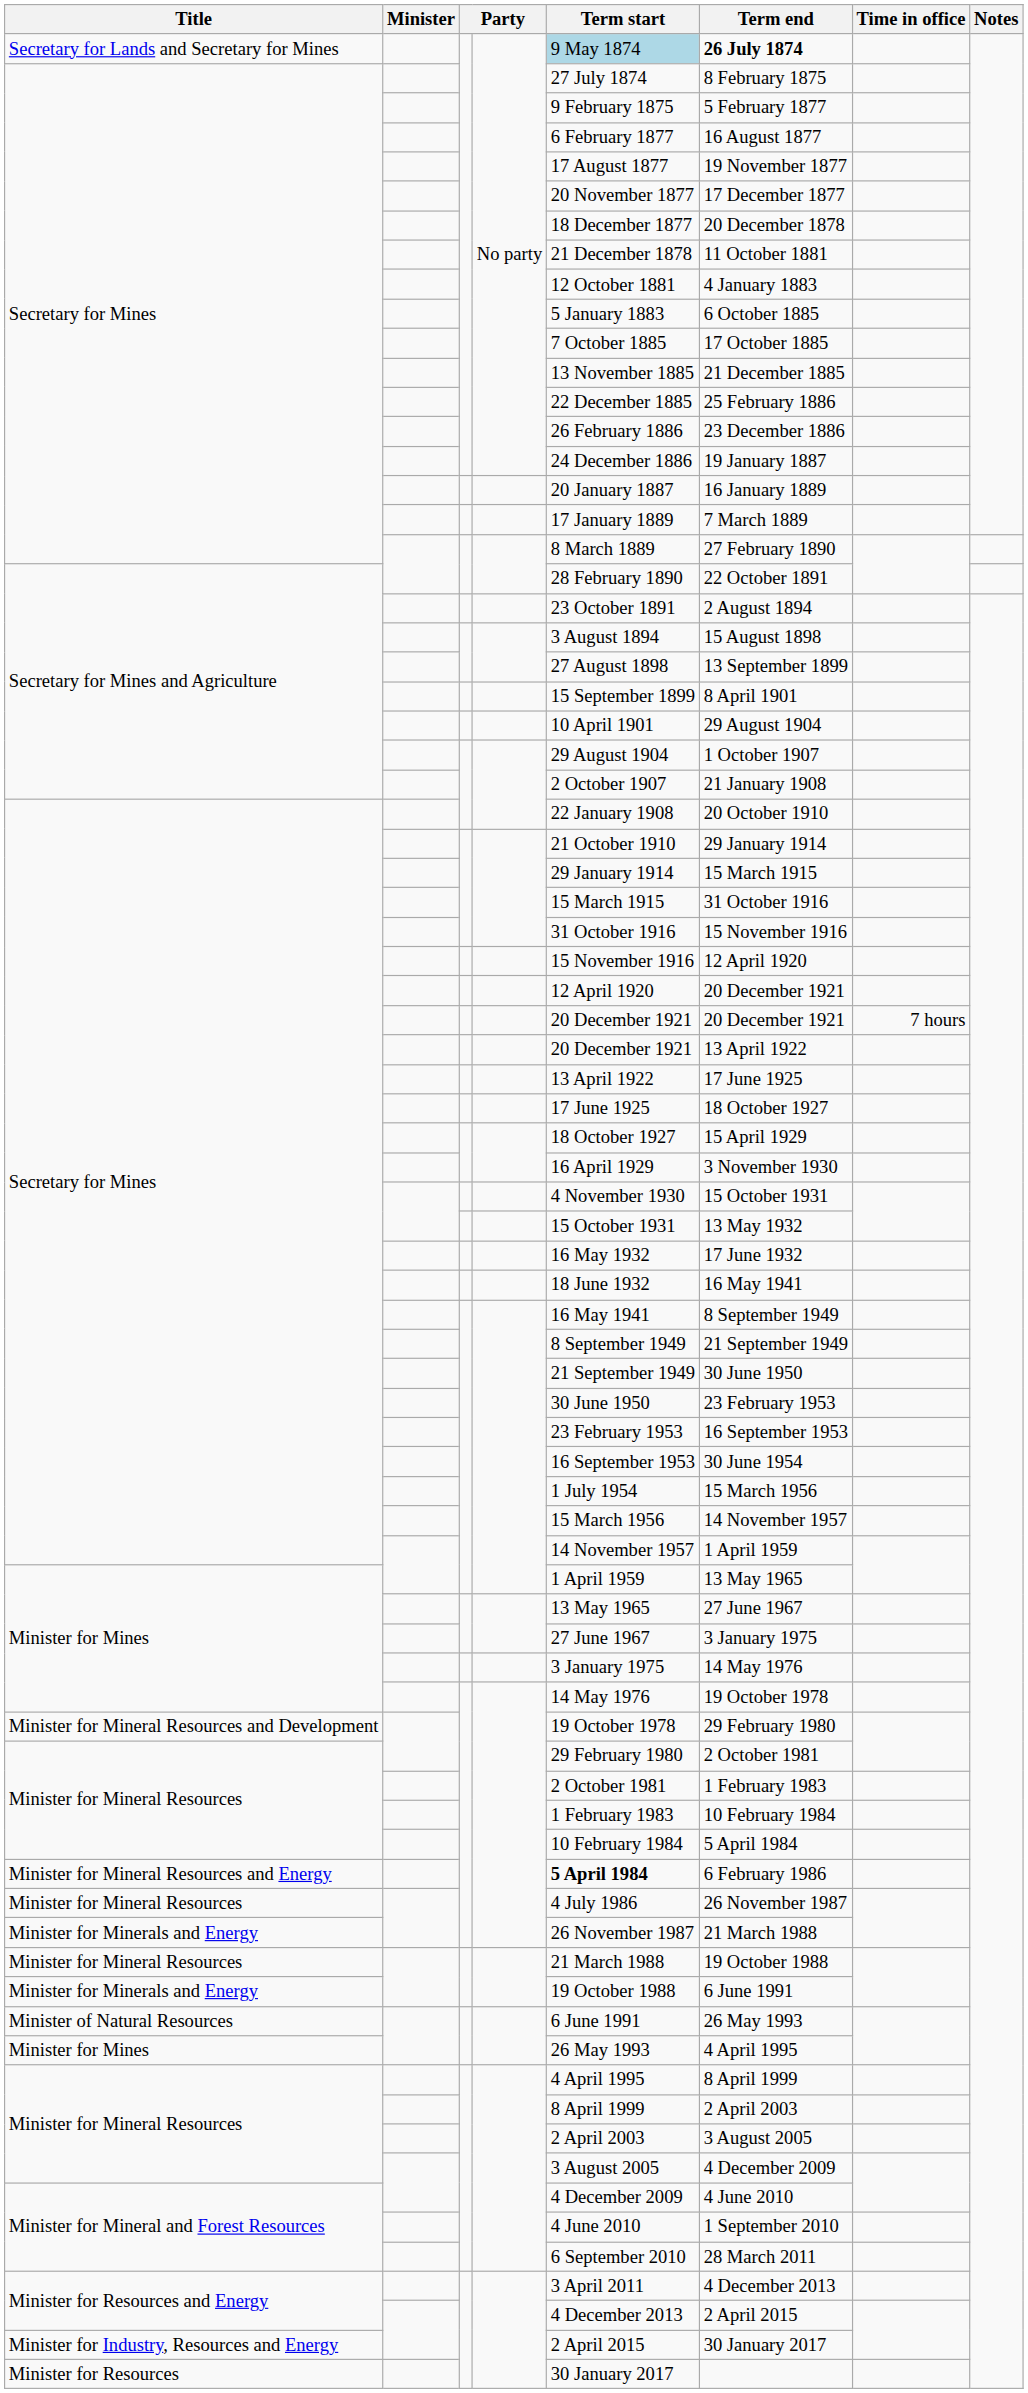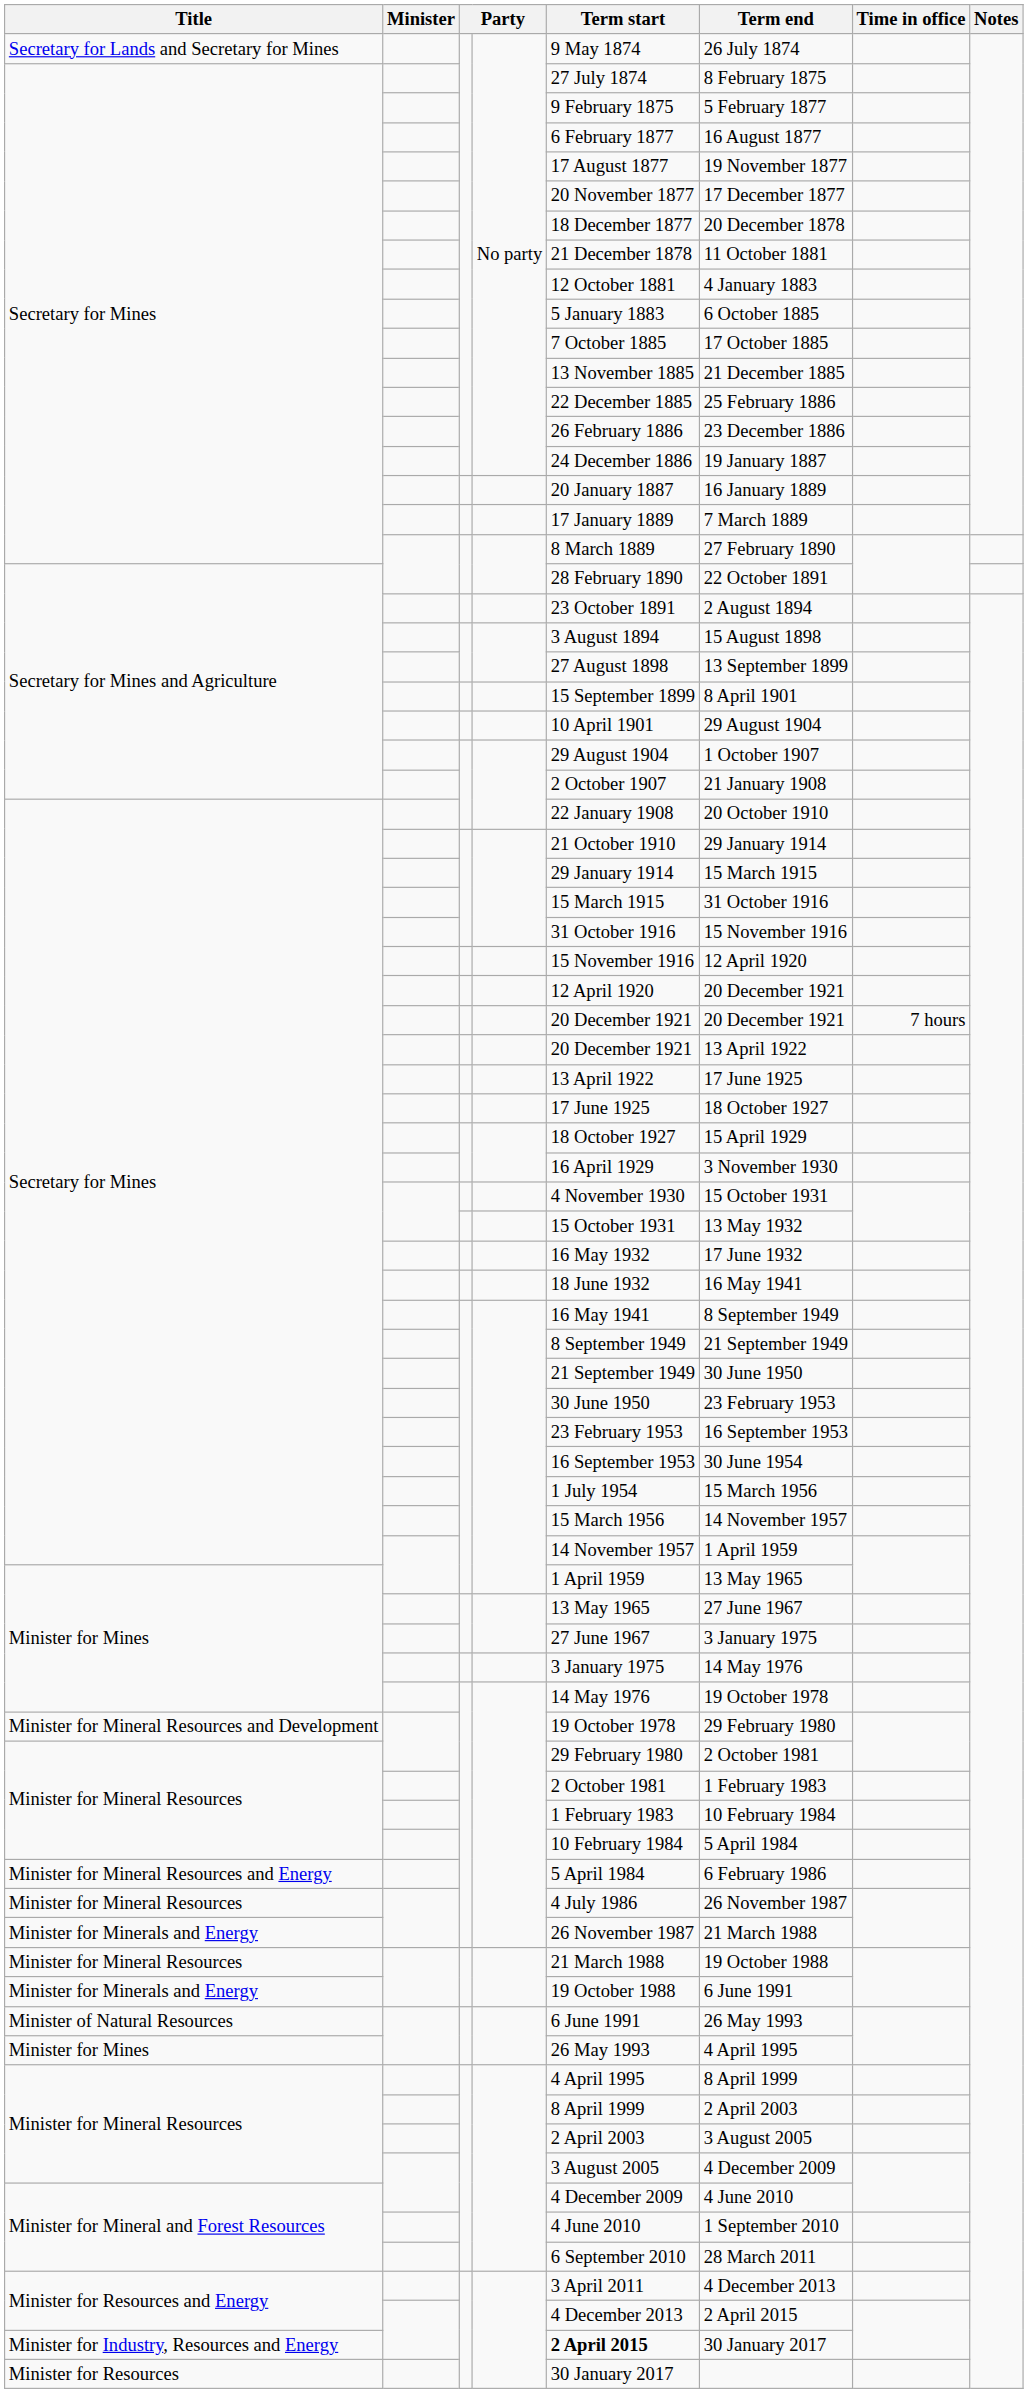 <table class="wikitable sortable">
 <tr>
 <th>Title</th>
 <th>Minister</th>
 <th colspan="2">Party</th>
 <th>Term start</th>
 <th>Term end</th>
 <th>Time in office</th>
 <th class="unsortable">Notes</th>
 </tr>
 <tr>
 <td><a href='#'>Secretary for Lands</a> and Secretary for Mines</td>
 <td></td>
 <td rowspan="15"></td>
 <td rowspan="15">No party</td>
-<td style="background: lightblue;">9 May 1874</td>
-<td><strong>26 July 1874</strong></td>
+<td>9 May 1874</td>
+<td>26 July 1874</td>
 <td align=right></td>
 </tr>
 <tr>
 <td rowspan="17">Secretary for Mines</td>
 <td></td>
 <td>27 July 1874</td>
 <td>8 February 1875</td>
 <td align=right></td>
 </tr>
 <tr>
 <td></td>
 <td>9 February 1875</td>
 <td>5 February 1877</td>
 <td align=right></td>
 </tr>
 <tr>
 <td></td>
 <td>6 February 1877</td>
 <td>16 August 1877</td>
 <td align=right></td>
 </tr>
 <tr>
 <td></td>
 <td>17 August 1877</td>
 <td>19 November 1877</td>
 <td align=right></td>
 </tr>
 <tr>
 <td></td>
 <td>20 November 1877</td>
 <td>17 December 1877</td>
 <td align=right></td>
 </tr>
 <tr>
 <td></td>
 <td>18 December 1877</td>
 <td>20 December 1878</td>
 <td align=right></td>
 </tr>
 <tr>
 <td></td>
 <td>21 December 1878</td>
 <td>11 October 1881</td>
 <td align=right></td>
 </tr>
 <tr>
 <td></td>
 <td>12 October 1881</td>
 <td>4 January 1883</td>
 <td align=right></td>
 </tr>
 <tr>
 <td></td>
 <td>5 January 1883</td>
 <td>6 October 1885</td>
 <td align=right></td>
 </tr>
 <tr>
 <td></td>
 <td>7 October 1885</td>
 <td>17 October 1885</td>
 <td align=right></td>
 </tr>
 <tr>
 <td></td>
 <td>13 November 1885</td>
 <td>21 December 1885</td>
 <td align=right></td>
 </tr>
 <tr>
 <td></td>
 <td>22 December 1885</td>
 <td>25 February 1886</td>
 <td align=right></td>
 </tr>
 <tr>
 <td></td>
 <td>26 February 1886</td>
 <td>23 December 1886</td>
 <td align=right></td>
 </tr>
 <tr>
 <td></td>
 <td>24 December 1886</td>
 <td>19 January 1887</td>
 <td align=right></td>
 </tr>
 <tr>
 <td></td>
 <td> </td>
 <td></td>
 <td>20 January 1887</td>
 <td>16 January 1889</td>
 <td align=right></td>
 </tr>
 <tr>
 <td></td>
 <td> </td>
 <td></td>
 <td>17 January 1889</td>
 <td>7 March 1889</td>
 <td align=right></td>
 </tr>
 <tr>
 <td rowspan=2></td>
 <td rowspan="2" > </td>
 <td rowspan=2></td>
 <td>8 March 1889</td>
 <td>27 February 1890</td>
 <td rowspan=2></td>
 <td></td>
 </tr>
 <tr>
 <td rowspan="8">Secretary for Mines and Agriculture</td>
 <td>28 February 1890</td>
 <td>22 October 1891</td>
 <td></td>
 </tr>
 <tr>
 <td></td>
 <td> </td>
 <td></td>
 <td>23 October 1891</td>
 <td>2 August 1894</td>
 <td align=right></td>
 </tr>
 <tr>
 <td></td>
 <td rowspan="2" > </td>
 <td rowspan="2"></td>
 <td>3 August 1894</td>
 <td>15 August 1898</td>
 <td align=right></td>
 </tr>
 <tr>
 <td></td>
 <td>27 August 1898</td>
 <td>13 September 1899</td>
 <td align=right></td>
 </tr>
 <tr>
 <td></td>
 <td> </td>
 <td></td>
 <td>15 September 1899</td>
 <td>8 April 1901</td>
 <td align=right></td>
 </tr>
 <tr>
 <td></td>
 <td> </td>
 <td></td>
 <td>10 April 1901</td>
 <td>29 August 1904</td>
 <td align=right></td>
 </tr>
 <tr>
 <td></td>
 <td rowspan="3" > </td>
 <td rowspan="3"></td>
 <td>29 August 1904</td>
 <td>1 October 1907</td>
 <td align=right></td>
 </tr>
 <tr>
 <td></td>
 <td>2 October 1907</td>
 <td>21 January 1908</td>
 <td align=right></td>
 </tr>
 <tr>
 <td rowspan="26">Secretary for Mines</td>
 <td></td>
 <td>22 January 1908</td>
 <td>20 October 1910</td>
 <td align=right></td>
 </tr>
 <tr>
 <td></td>
 <td rowspan="4" > </td>
 <td rowspan="4"></td>
 <td>21 October 1910</td>
 <td>29 January 1914</td>
 <td align=right></td>
 </tr>
 <tr>
 <td></td>
 <td>29 January 1914</td>
 <td>15 March 1915</td>
 <td align=right></td>
 </tr>
 <tr>
 <td></td>
 <td>15 March 1915</td>
 <td>31 October 1916</td>
 <td align=right></td>
 </tr>
 <tr>
 <td></td>
 <td>31 October 1916</td>
 <td>15 November 1916</td>
 <td align=right></td>
 </tr>
 <tr>
 <td></td>
 <td> </td>
 <td></td>
 <td>15 November 1916</td>
 <td>12 April 1920</td>
 <td align=right></td>
 </tr>
 <tr>
 <td></td>
 <td> </td>
 <td></td>
 <td>12 April 1920</td>
 <td>20 December 1921</td>
 <td align=right></td>
 </tr>
 <tr>
 <td></td>
 <td> </td>
 <td></td>
 <td>20 December 1921</td>
 <td>20 December 1921</td>
 <td align="right"> 7 hours</td>
 </tr>
 <tr>
 <td></td>
 <td> </td>
 <td></td>
 <td>20 December 1921</td>
 <td>13 April 1922</td>
 <td align=right></td>
 </tr>
 <tr>
 <td></td>
 <td> </td>
 <td></td>
 <td>13 April 1922</td>
 <td>17 June 1925</td>
 <td align=right></td>
 </tr>
 <tr>
 <td></td>
 <td> </td>
 <td></td>
 <td>17 June 1925</td>
 <td>18 October 1927</td>
 <td align=right></td>
 </tr>
 <tr>
 <td></td>
 <td rowspan="2" > </td>
 <td rowspan="2"></td>
 <td>18 October 1927</td>
 <td>15 April 1929</td>
 <td align=right></td>
 </tr>
 <tr>
 <td></td>
 <td>16 April 1929</td>
 <td>3 November 1930</td>
 <td align=right></td>
 </tr>
 <tr>
 <td rowspan="2"></td>
 <td> </td>
 <td></td>
 <td>4 November 1930</td>
 <td>15 October 1931</td>
 <td rowspan=2 align=right></td>
 </tr>
 <tr>
 <td> </td>
 <td></td>
 <td>15 October 1931</td>
 <td>13 May 1932</td>
 </tr>
 <tr>
 <td></td>
 <td> </td>
 <td></td>
 <td>16 May 1932</td>
 <td>17 June 1932</td>
 <td align=right></td>
 </tr>
 <tr>
 <td></td>
 <td> </td>
 <td></td>
 <td>18 June 1932</td>
 <td>16 May 1941</td>
 <td align=right><strong></strong></td>
 </tr>
 <tr>
 <td></td>
 <td rowspan="10" > </td>
 <td rowspan="10"></td>
 <td>16 May 1941</td>
 <td>8 September 1949</td>
 <td align=right></td>
 </tr>
 <tr>
 <td></td>
 <td>8 September 1949</td>
 <td>21 September 1949</td>
 <td align=right></td>
 </tr>
 <tr>
 <td></td>
 <td>21 September 1949</td>
 <td>30 June 1950</td>
 <td align=right></td>
 </tr>
 <tr>
 <td></td>
 <td>30 June 1950</td>
 <td>23 February 1953</td>
 <td align=right></td>
 </tr>
 <tr>
 <td></td>
 <td>23 February 1953</td>
 <td>16 September 1953</td>
 <td align=right></td>
 </tr>
 <tr>
 <td></td>
 <td>16 September 1953</td>
 <td>30 June 1954</td>
 <td align=right></td>
 </tr>
 <tr>
 <td></td>
 <td>1 July 1954</td>
 <td>15 March 1956</td>
 <td align=right></td>
 </tr>
 <tr>
 <td></td>
 <td>15 March 1956</td>
 <td>14 November 1957</td>
 <td align=right></td>
 </tr>
 <tr>
 <td rowspan="2"></td>
 <td>14 November 1957</td>
 <td>1 April 1959</td>
 <td rowspan="2" align=right></td>
 </tr>
 <tr>
 <td rowspan="5">Minister for Mines</td>
 <td>1 April 1959</td>
 <td>13 May 1965</td>
 </tr>
 <tr>
 <td></td>
 <td rowspan="2" > </td>
 <td rowspan="2"></td>
 <td>13 May 1965</td>
 <td>27 June 1967</td>
 <td align=right></td>
 </tr>
 <tr>
 <td></td>
 <td>27 June 1967</td>
 <td>3 January 1975</td>
 <td align=right></td>
 </tr>
 <tr>
 <td></td>
 <td> </td>
 <td></td>
 <td>3 January 1975</td>
 <td>14 May 1976</td>
 <td align=right></td>
 </tr>
 <tr>
 <td></td>
 <td rowspan="9" > </td>
 <td rowspan="9"></td>
 <td>14 May 1976</td>
 <td>19 October 1978</td>
 <td align=right></td>
 </tr>
 <tr>
 <td>Minister for Mineral Resources and Development</td>
 <td rowspan="2"></td>
 <td>19 October 1978</td>
 <td>29 February 1980</td>
 <td rowspan=2 align=right></td>
 </tr>
 <tr>
 <td rowspan="4">Minister for Mineral Resources</td>
 <td>29 February 1980</td>
 <td>2 October 1981</td>
 </tr>
 <tr>
 <td></td>
 <td>2 October 1981</td>
 <td>1 February 1983</td>
 <td align=right></td>
 </tr>
 <tr>
 <td></td>
 <td>1 February 1983</td>
 <td>10 February 1984</td>
 <td align=right></td>
 </tr>
 <tr>
 <td></td>
 <td>10 February 1984</td>
 <td>5 April 1984</td>
 <td align=right></td>
 </tr>
 <tr>
 <td>Minister for Mineral Resources and <a href='#'>Energy</a></td>
 <td></td>
-<td><strong>5 April 1984</strong></td>
+<td>5 April 1984</td>
 <td>6 February 1986</td>
 <td align=right></td>
 </tr>
 <tr>
 <td>Minister for Mineral Resources</td>
 <td rowspan="2"></td>
 <td>4 July 1986</td>
 <td>26 November 1987</td>
 <td rowspan="2" align="right"></td>
 </tr>
 <tr>
 <td>Minister for Minerals and <a href='#'>Energy</a></td>
 <td>26 November 1987</td>
 <td>21 March 1988</td>
 </tr>
 <tr>
 <td>Minister for Mineral Resources</td>
 <td rowspan="2"></td>
 <td rowspan="2" > </td>
 <td rowspan="2"></td>
 <td>21 March 1988</td>
 <td>19 October 1988</td>
 <td rowspan=2 align=right></td>
 </tr>
 <tr>
 <td>Minister for Minerals and <a href='#'>Energy</a></td>
 <td>19 October 1988</td>
 <td>6 June 1991</td>
 </tr>
 <tr>
 <td>Minister of Natural Resources</td>
 <td rowspan="2"></td>
 <td rowspan="2" > </td>
 <td rowspan="2"></td>
 <td>6 June 1991</td>
 <td>26 May 1993</td>
 <td rowspan=2 align=right></td>
 </tr>
 <tr>
 <td>Minister for Mines</td>
 <td>26 May 1993</td>
 <td>4 April 1995</td>
 </tr>
 <tr>
 <td rowspan="4">Minister for Mineral Resources</td>
 <td></td>
 <td rowspan="7" > </td>
 <td rowspan="7"></td>
 <td>4 April 1995</td>
 <td>8 April 1999</td>
 <td align=right></td>
 </tr>
 <tr>
 <td></td>
 <td>8 April 1999</td>
 <td>2 April 2003</td>
 <td align=right></td>
 </tr>
 <tr>
 <td></td>
 <td>2 April 2003</td>
 <td>3 August 2005</td>
 <td align=right></td>
 </tr>
 <tr>
 <td rowspan="2"></td>
 <td>3 August 2005</td>
 <td>4 December 2009</td>
 <td align=right rowspan=2></td>
 </tr>
 <tr>
 <td rowspan="3">Minister for Mineral and <a href='#'>Forest Resources</a></td>
 <td>4 December 2009</td>
 <td>4 June 2010</td>
 </tr>
 <tr>
 <td></td>
 <td>4 June 2010</td>
 <td>1 September 2010</td>
 <td align=right></td>
 </tr>
 <tr>
 <td></td>
 <td>6 September 2010</td>
 <td>28 March 2011</td>
 <td align=right></td>
 </tr>
 <tr>
 <td rowspan="2">Minister for Resources and <a href='#'>Energy</a></td>
 <td></td>
 <td rowspan="4" > </td>
 <td rowspan="4"></td>
 <td>3 April 2011</td>
 <td>4 December 2013</td>
 <td align=right></td>
 </tr>
 <tr>
 <td rowspan="2"></td>
 <td>4 December 2013</td>
 <td>2 April 2015</td>
 <td rowspan=2 align=right></td>
 </tr>
 <tr>
 <td>Minister for <a href='#'>Industry</a>, Resources and <a href='#'>Energy</a></td>
-<td>2 April 2015</td>
+<td><strong>2 April 2015</strong></td>
 <td>30 January 2017</td>
 </tr>
 <tr>
 <td>Minister for Resources</td>
 <td></td>
 <td>30 January 2017</td>
 <td></td>
 <td align=right></td>
 </tr>
 </table>
